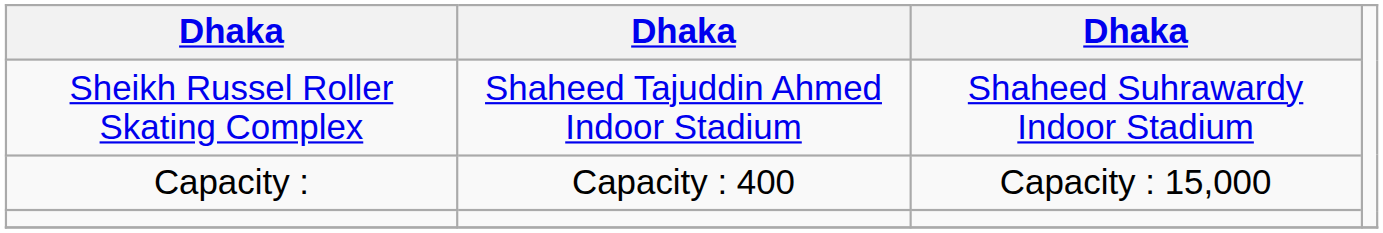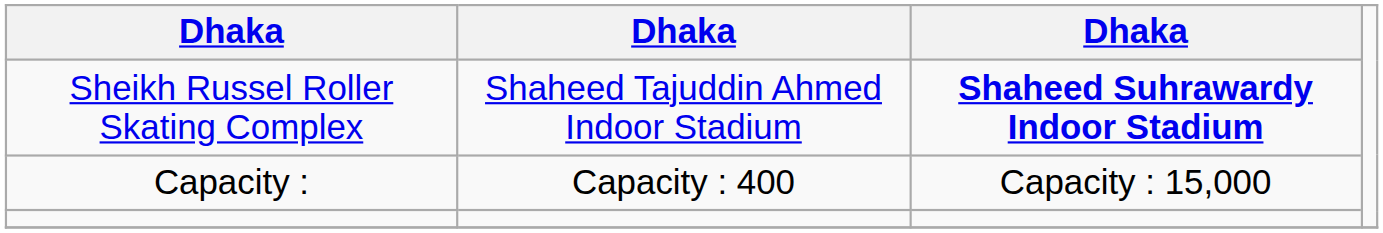 <table class="wikitable" style="margin: 1em auto; text-align:center;">
 <tr>
 <th width="200"><a href='#'>Dhaka</a></th>
 <th width="200"><a href='#'>Dhaka</a></th>
 <th width="200"><a href='#'>Dhaka</a></th>
 <td rowspan="4"></td>
 </tr>
 <tr>
 <td><a href='#'>Sheikh Russel Roller Skating Complex</a></td>
 <td><a href='#'>Shaheed Tajuddin Ahmed Indoor Stadium</a></td>
-<td><a href='#'>Shaheed Suhrawardy Indoor Stadium</a></td>
+<td><strong><a href='#'>Shaheed Suhrawardy Indoor Stadium</a></strong></td>
 </tr>
 <tr>
 <td>Capacity :</td>
 <td>Capacity : 400</td>
 <td>Capacity : 15,000</td>
 </tr>
 <tr>
 <td></td>
 <td></td>
 <td></td>
 </tr>
 <tr>
 </tr>
 </table>
